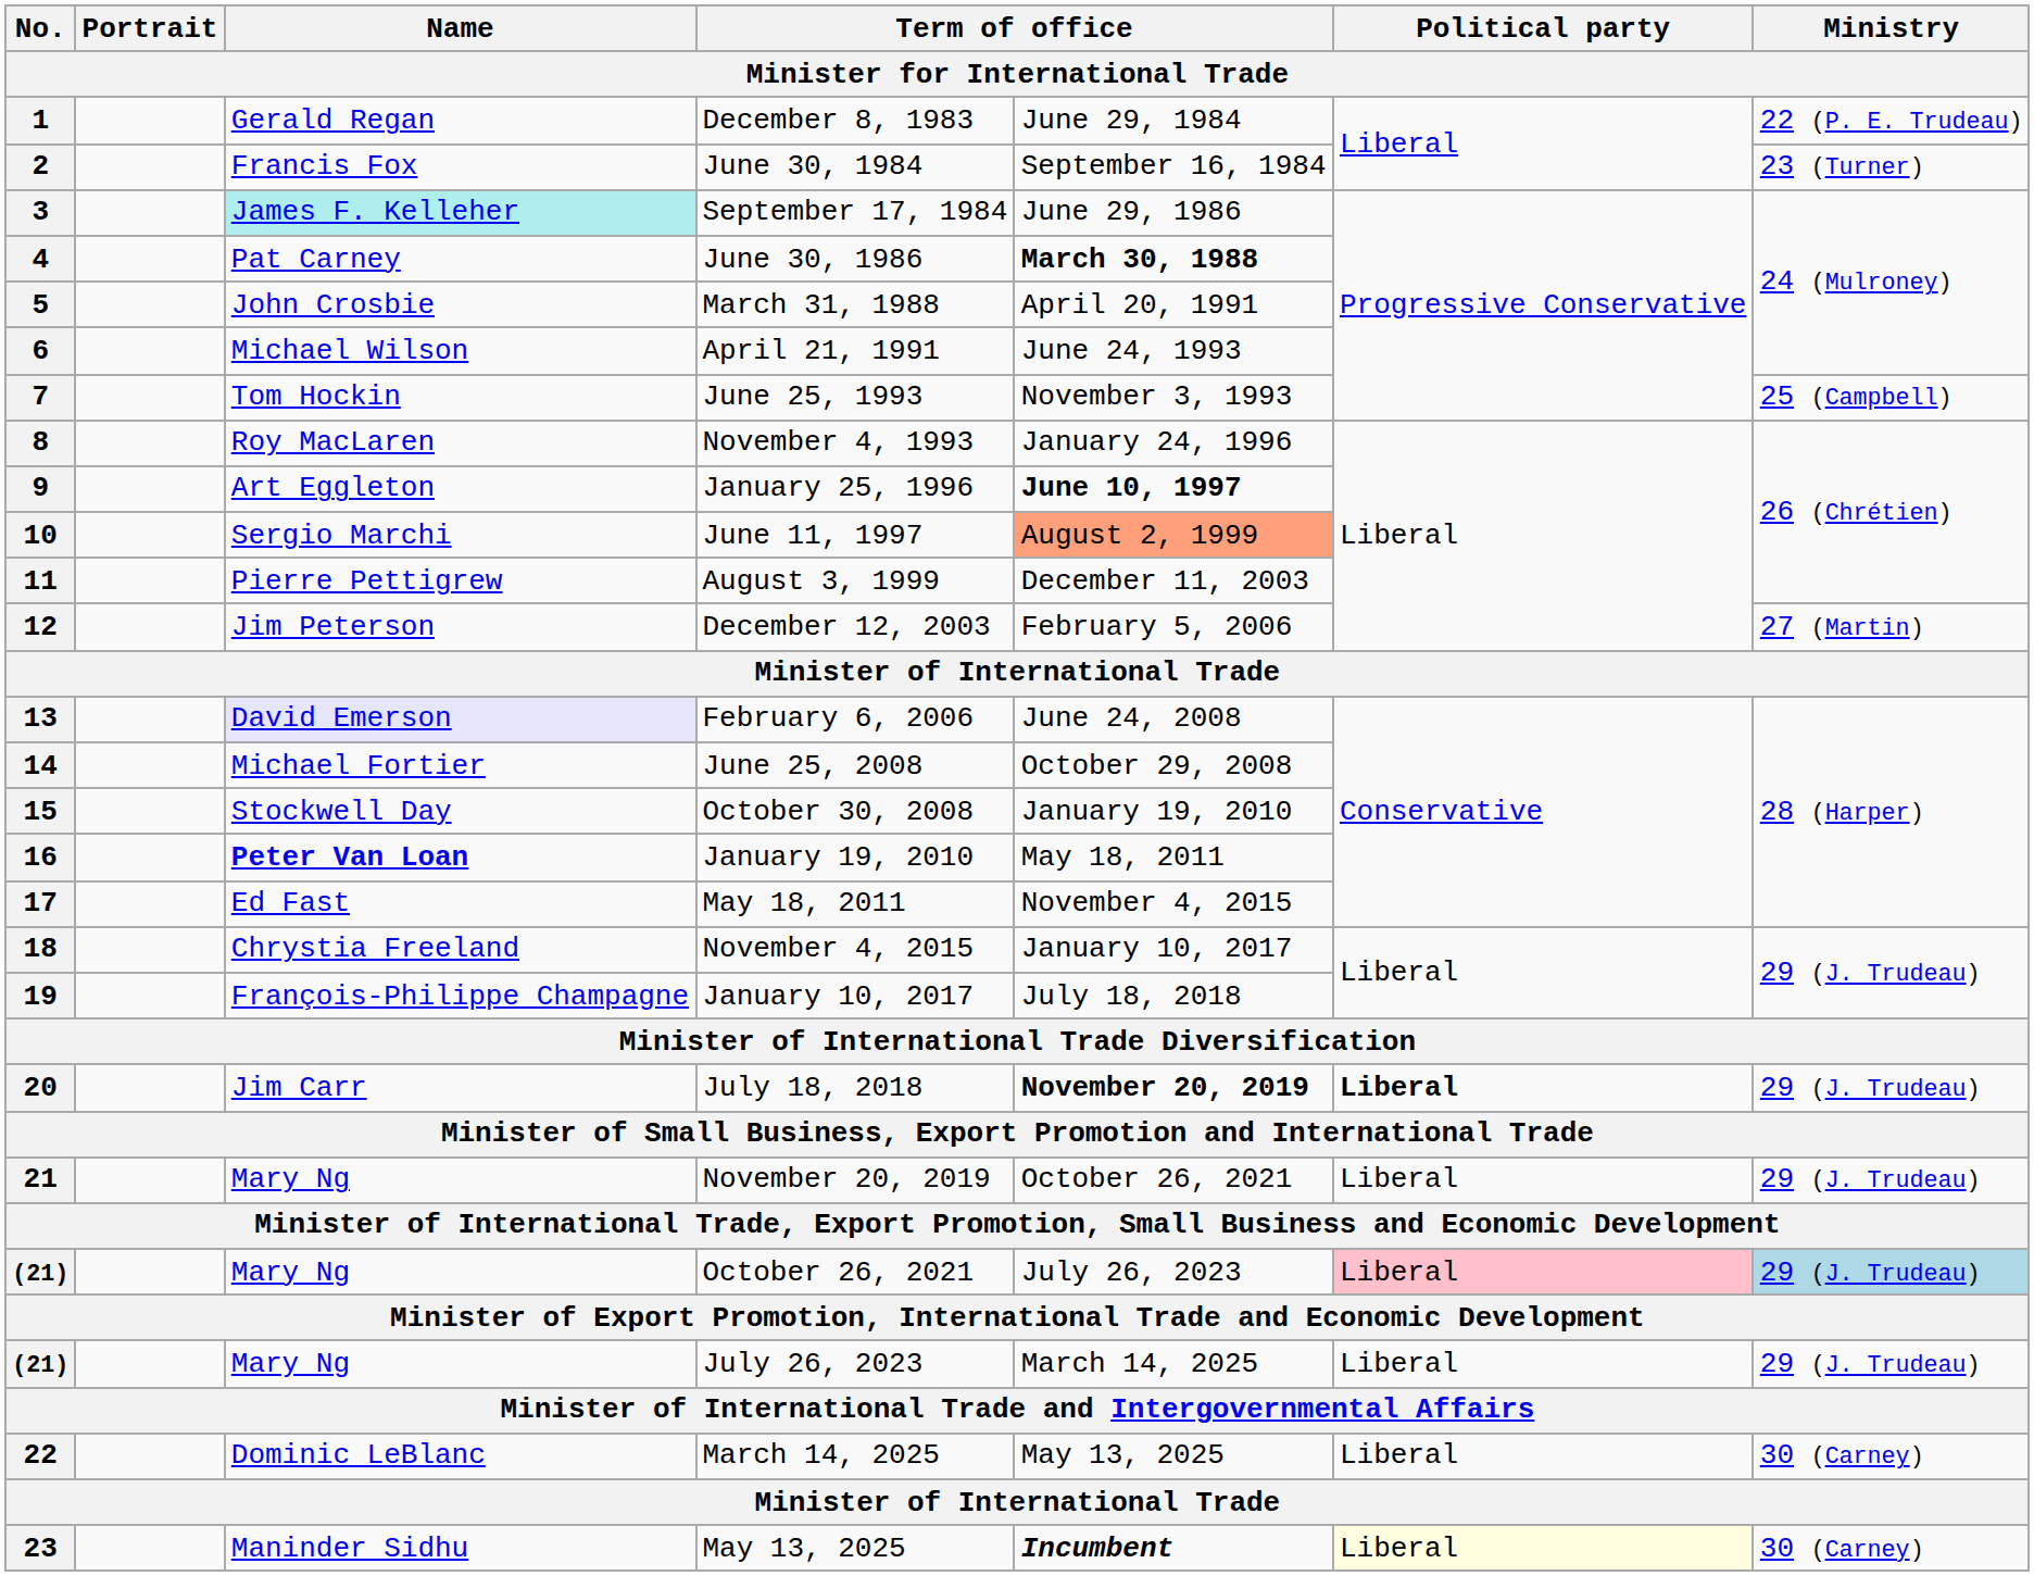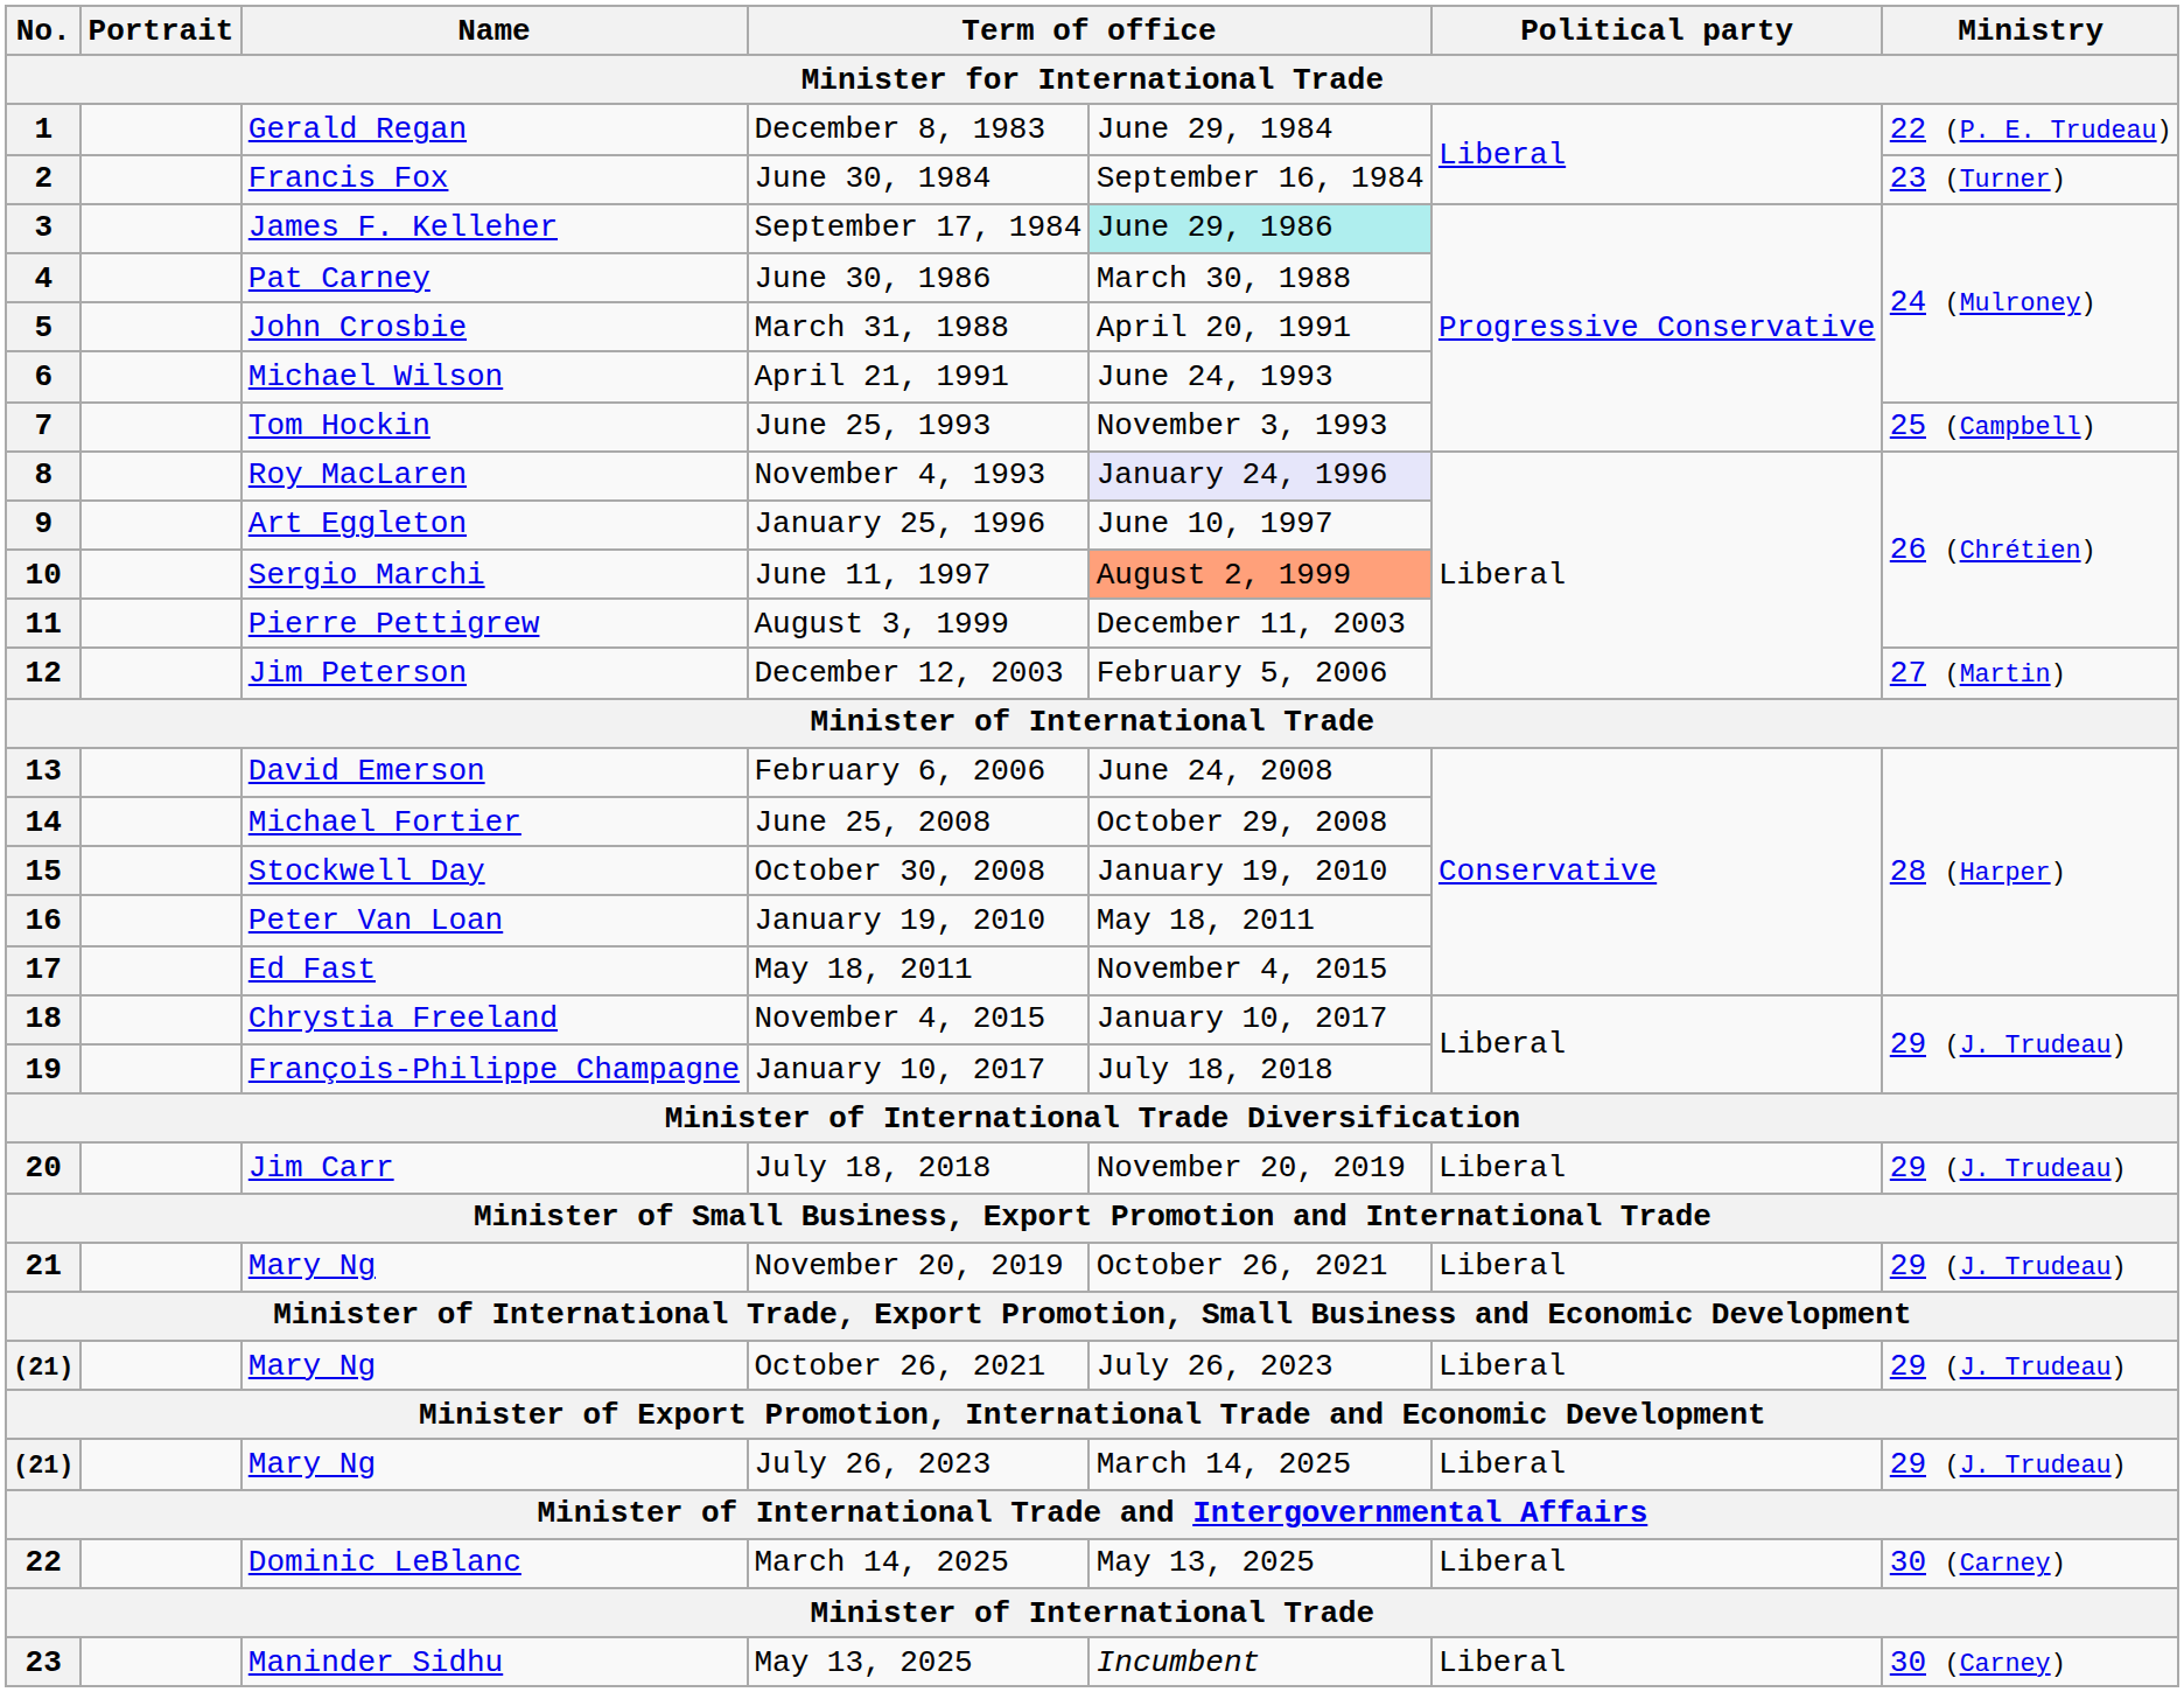 <table class="wikitable">
 <tr>
 <th>No.</th>
 <th>Portrait</th>
 <th>Name</th>
 <th colspan=2>Term of office</th>
 <th>Political party</th>
 <th>Ministry</th>
 </tr>
 <tr>
 <th colspan="7">Minister for International Trade</th>
 </tr>
 <tr>
 <th style="background:">1</th>
 <td></td>
 <td><a href='#'>Gerald Regan</a></td>
 <td>December 8, 1983</td>
 <td>June 29, 1984</td>
 <td rowspan="2"><a href='#'>Liberal</a></td>
 <td><a href='#'>22</a> <small>(<a href='#'>P. E. Trudeau</a>)</small></td>
 </tr>
 <tr>
 <th style="background:">2</th>
 <td></td>
 <td><a href='#'>Francis Fox</a></td>
 <td>June 30, 1984</td>
 <td>September 16, 1984</td>
 <td><a href='#'>23</a> <small>(<a href='#'>Turner</a>)</small></td>
 </tr>
 <tr>
 <th style="background:">3</th>
 <td></td>
-<td style="background: paleturquoise;"><a href='#'>James F. Kelleher</a></td>
+<td><a href='#'>James F. Kelleher</a></td>
 <td>September 17, 1984</td>
-<td>June 29, 1986</td>
+<td style="background: paleturquoise;">June 29, 1986</td>
 <td rowspan="5"><a href='#'>Progressive Conservative</a></td>
 <td rowspan="4"><a href='#'>24</a> <small>(<a href='#'>Mulroney</a>)</small></td>
 </tr>
 <tr>
 <th style="background:">4</th>
 <td></td>
 <td><a href='#'>Pat Carney</a></td>
 <td>June 30, 1986</td>
-<td><strong>March 30, 1988</strong></td>
+<td>March 30, 1988</td>
 </tr>
 <tr>
 <th style="background:">5</th>
 <td></td>
 <td><a href='#'>John Crosbie</a></td>
 <td>March 31, 1988</td>
 <td>April 20, 1991</td>
 </tr>
 <tr>
 <th style="background:">6</th>
 <td></td>
 <td><a href='#'>Michael Wilson</a></td>
 <td>April 21, 1991</td>
 <td>June 24, 1993</td>
 </tr>
 <tr>
 <th style="background:">7</th>
 <td></td>
 <td><a href='#'>Tom Hockin</a></td>
 <td>June 25, 1993</td>
 <td>November 3, 1993</td>
 <td><a href='#'>25</a> <small>(<a href='#'>Campbell</a>)</small></td>
 </tr>
 <tr>
 <th style="background:">8</th>
 <td></td>
 <td><a href='#'>Roy MacLaren</a></td>
 <td>November 4, 1993</td>
-<td>January 24, 1996</td>
+<td style="background: lavender;">January 24, 1996</td>
 <td rowspan="5">Liberal</td>
 <td rowspan="4"><a href='#'>26</a> <small>(<a href='#'>Chrétien</a>)</small></td>
 </tr>
 <tr>
 <th style="background:">9</th>
 <td></td>
 <td><a href='#'>Art Eggleton</a></td>
 <td>January 25, 1996</td>
-<td><strong>June 10, 1997</strong></td>
+<td>June 10, 1997</td>
 </tr>
 <tr>
 <th style="background:">10</th>
 <td></td>
 <td><a href='#'>Sergio Marchi</a></td>
 <td>June 11, 1997</td>
 <td style="background: lightsalmon;">August 2, 1999</td>
 </tr>
 <tr>
 <th style="background:">11</th>
 <td></td>
 <td><a href='#'>Pierre Pettigrew</a></td>
 <td>August 3, 1999</td>
 <td>December 11, 2003</td>
 </tr>
 <tr>
 <th style="background:">12</th>
 <td></td>
 <td><a href='#'>Jim Peterson</a></td>
 <td>December 12, 2003</td>
 <td>February 5, 2006</td>
 <td><a href='#'>27</a> <small>(<a href='#'>Martin</a>)</small></td>
 </tr>
 <tr>
 <th colspan="7">Minister of International Trade</th>
 </tr>
 <tr>
 <th style="background:">13</th>
 <td></td>
-<td style="background: lavender;"><a href='#'>David Emerson</a></td>
+<td><a href='#'>David Emerson</a></td>
 <td>February 6, 2006</td>
 <td>June 24, 2008</td>
 <td rowspan="5"><a href='#'>Conservative</a></td>
 <td rowspan="5"><a href='#'>28</a> <small>(<a href='#'>Harper</a>)</small></td>
 </tr>
 <tr>
 <th style="background:">14</th>
 <td></td>
 <td><a href='#'>Michael Fortier</a></td>
 <td>June 25, 2008</td>
 <td>October 29, 2008</td>
 </tr>
 <tr>
 <th style="background:">15</th>
 <td></td>
 <td><a href='#'>Stockwell Day</a></td>
 <td>October 30, 2008</td>
 <td>January 19, 2010</td>
 </tr>
 <tr>
 <th style="background:">16</th>
 <td></td>
-<td><strong><a href='#'>Peter Van Loan</a></strong></td>
+<td><a href='#'>Peter Van Loan</a></td>
 <td>January 19, 2010</td>
 <td>May 18, 2011</td>
 </tr>
 <tr>
 <th style="background:">17</th>
 <td></td>
 <td><a href='#'>Ed Fast</a></td>
 <td>May 18, 2011</td>
 <td>November 4, 2015</td>
 </tr>
 <tr>
 <th style="background:">18</th>
 <td></td>
 <td><a href='#'>Chrystia Freeland</a></td>
 <td>November 4, 2015</td>
 <td>January 10, 2017</td>
 <td rowspan="2">Liberal</td>
 <td rowspan="2"><a href='#'>29</a> <small>(<a href='#'>J. Trudeau</a>)</small></td>
 </tr>
 <tr>
 <th style="background:">19</th>
 <td></td>
 <td><a href='#'>François-Philippe Champagne</a></td>
 <td>January 10, 2017</td>
 <td>July 18, 2018</td>
 </tr>
 <tr>
 <th colspan=7>Minister of International Trade Diversification</th>
 </tr>
 <tr>
 <th style="background:">20</th>
 <td></td>
 <td><a href='#'>Jim Carr</a></td>
 <td>July 18, 2018</td>
-<td><strong>November 20, 2019</strong></td>
-<td><strong>Liberal</strong></td>
+<td>November 20, 2019</td>
+<td>Liberal</td>
 <td rowspan=1><a href='#'>29</a> <small>(<a href='#'>J. Trudeau</a>)</small></td>
 </tr>
 <tr>
 <th colspan=7>Minister of Small Business, Export Promotion and International Trade</th>
 </tr>
 <tr>
 <th style="background:">21</th>
 <td></td>
 <td><a href='#'>Mary Ng</a></td>
 <td>November 20, 2019</td>
 <td>October 26, 2021</td>
 <td>Liberal</td>
 <td rowspan=1><a href='#'>29</a> <small>(<a href='#'>J. Trudeau</a>)</small></td>
 </tr>
 <tr>
 <th colspan=7>Minister of International Trade, Export Promotion, Small Business and Economic Development</th>
 </tr>
 <tr>
 <th style="background:"><small>(21)</small></th>
 <td></td>
 <td><a href='#'>Mary Ng</a></td>
 <td>October 26, 2021</td>
 <td>July 26, 2023</td>
-<td style="background: pink;">Liberal</td>
-<td rowspan=1 style="background: lightblue;"><a href='#'>29</a> <small>(<a href='#'>J. Trudeau</a>)</small></td>
+<td>Liberal</td>
+<td rowspan=1><a href='#'>29</a> <small>(<a href='#'>J. Trudeau</a>)</small></td>
 </tr>
 <tr>
 <th colspan=7>Minister of Export Promotion, International Trade and Economic Development</th>
 </tr>
 <tr>
 <th style="background:"><small>(21)</small></th>
 <td></td>
 <td><a href='#'>Mary Ng</a></td>
 <td>July 26, 2023</td>
 <td>March 14, 2025</td>
 <td>Liberal</td>
 <td><a href='#'>29</a> <small>(<a href='#'>J. Trudeau</a>)</small></td>
 </tr>
 <tr>
 <th colspan=7>Minister of International Trade and <a href='#'>Intergovernmental Affairs</a></th>
 </tr>
 <tr>
 <th style="background:">22</th>
 <td></td>
 <td><a href='#'>Dominic LeBlanc</a></td>
 <td>March 14, 2025</td>
 <td>May 13, 2025</td>
 <td>Liberal</td>
 <td><a href='#'>30</a> <small>(<a href='#'>Carney</a>)</small></td>
 </tr>
 <tr>
 <th colspan=7>Minister of International Trade</th>
 </tr>
 <tr>
 <th style="background:">23</th>
 <td></td>
 <td><a href='#'>Maninder Sidhu</a></td>
 <td>May 13, 2025</td>
-<td><strong><em>Incumbent</em></strong></td>
-<td style="background: lightyellow;">Liberal</td>
+<td><em>Incumbent</em></td>
+<td>Liberal</td>
 <td><a href='#'>30</a> <small>(<a href='#'>Carney</a>)</small></td>
 </tr>
 </table>
